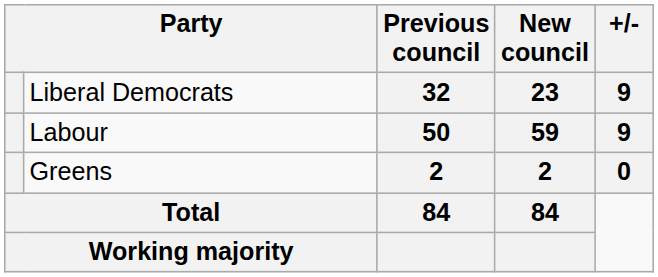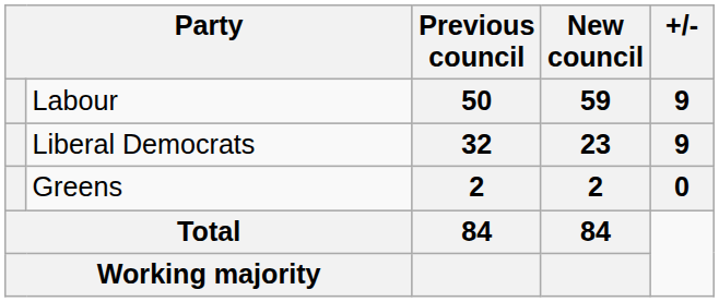 <table class="wikitable">
 <tr>
 <th valign=top colspan="2" style="width: 230px">Party</th>
 <th valign=top style="width: 30px">Previous council</th>
 <th valign=top style="width: 30px">New council</th>
 <th valign=top style="width: 30px">+/-</th>
 </tr>
 <tr>
 <th style="background-color: "></th>
-<td>Liberal Democrats</td>
-<th align=center>32</th>
-<th align=center>23</th>
+<td>Labour</td>
+<th align=center>50</th>
+<th align=center>59</th>
 <th align=center>9</th>
 </tr>
 <tr>
 <th style="background-color: "></th>
-<td>Labour</td>
-<th align=center>50</th>
-<th align=center>59</th>
+<td>Liberal Democrats</td>
+<th align=center>32</th>
+<th align=center>23</th>
 <th align=center>9</th>
 </tr>
 <tr>
 <th style="background-color: "></th>
 <td>Greens</td>
 <th align=center>2</th>
 <th align=center>2</th>
 <th align=center>0</th>
 </tr>
 <tr>
 <th colspan=2>Total</th>
 <th style="text-align: center">84</th>
 <th style="text-align: center">84</th>
 </tr>
 <tr>
 <th colspan=2>Working majority</th>
 <th></th>
 <th></th>
 </tr>
 </table>
